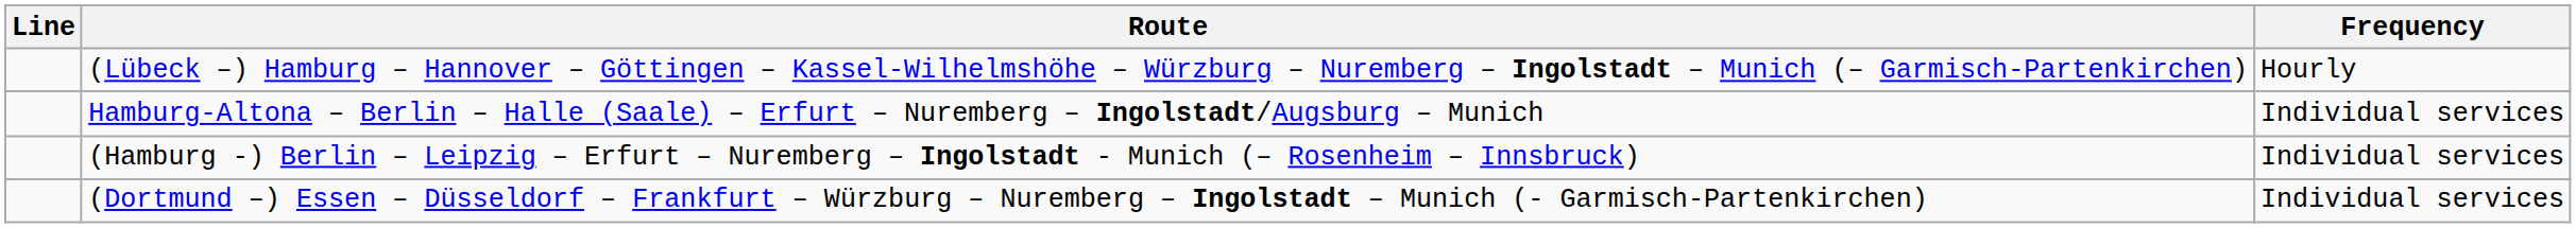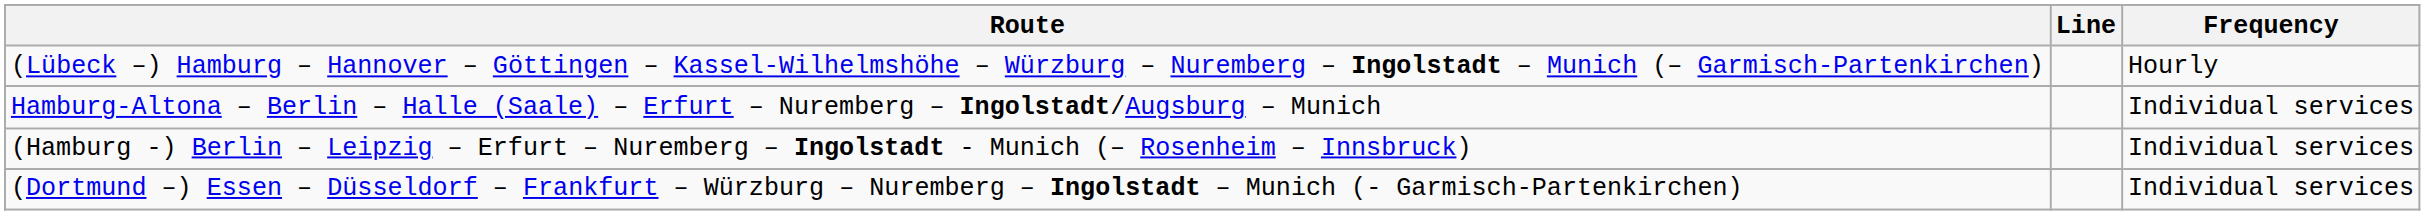 <table class="wikitable">
 <tr>
+<th>Route</th>
 <th>Line</th>
-<th>Route</th>
 <th>Frequency</th>
 </tr>
 <tr>
+<td>(<a href='#'>Lübeck</a> –) <a href='#'>Hamburg</a> – <a href='#'>Hannover</a> – <a href='#'>Göttingen</a> – <a href='#'>Kassel-Wilhelmshöhe</a> – <a href='#'>Würzburg</a> – <a href='#'>Nuremberg</a> – <strong>Ingolstadt</strong> – <a href='#'>Munich</a> (– <a href='#'>Garmisch-Partenkirchen</a>)</td>
 <td></td>
-<td>(<a href='#'>Lübeck</a> –) <a href='#'>Hamburg</a> – <a href='#'>Hannover</a> – <a href='#'>Göttingen</a> – <a href='#'>Kassel-Wilhelmshöhe</a> – <a href='#'>Würzburg</a> – <a href='#'>Nuremberg</a> – <strong>Ingolstadt</strong> – <a href='#'>Munich</a> (– <a href='#'>Garmisch-Partenkirchen</a>)</td>
 <td>Hourly</td>
 </tr>
 <tr>
+<td><a href='#'>Hamburg-Altona</a> – <a href='#'>Berlin</a> – <a href='#'>Halle (Saale)</a> – <a href='#'>Erfurt</a> – Nuremberg – <strong>Ingolstadt</strong>/<a href='#'>Augsburg</a> – Munich</td>
 <td></td>
-<td><a href='#'>Hamburg-Altona</a> – <a href='#'>Berlin</a> – <a href='#'>Halle (Saale)</a> – <a href='#'>Erfurt</a> – Nuremberg – <strong>Ingolstadt</strong>/<a href='#'>Augsburg</a> – Munich</td>
 <td>Individual services</td>
 </tr>
 <tr>
+<td>(Hamburg -) <a href='#'>Berlin</a> – <a href='#'>Leipzig</a> – Erfurt – Nuremberg – <strong>Ingolstadt</strong> - Munich (– <a href='#'>Rosenheim</a> – <a href='#'>Innsbruck</a>)</td>
 <td></td>
-<td>(Hamburg -) <a href='#'>Berlin</a> – <a href='#'>Leipzig</a> – Erfurt – Nuremberg – <strong>Ingolstadt</strong> - Munich (– <a href='#'>Rosenheim</a> – <a href='#'>Innsbruck</a>)</td>
 <td>Individual services</td>
 </tr>
 <tr>
+<td>(<a href='#'>Dortmund</a> –) <a href='#'>Essen</a> – <a href='#'>Düsseldorf</a> – <a href='#'>Frankfurt</a> – Würzburg – Nuremberg – <strong>Ingolstadt</strong> – Munich (- Garmisch-Partenkirchen)</td>
 <td></td>
-<td>(<a href='#'>Dortmund</a> –) <a href='#'>Essen</a> – <a href='#'>Düsseldorf</a> – <a href='#'>Frankfurt</a> – Würzburg – Nuremberg – <strong>Ingolstadt</strong> – Munich (- Garmisch-Partenkirchen)</td>
 <td>Individual services</td>
 </tr>
 </table>
